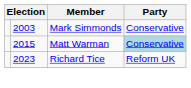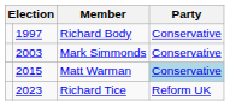 <table class="wikitable">
 <tr>
 <th colspan="2">Election</th>
 <th>Member</th>
 <th>Party</th>
+</tr>
+<tr>
+<td style="color:inherit;background-color: "></td>
+<td><a href='#'>1997</a></td>
+<td><a href='#'>Richard Body</a></td>
+<td><a href='#'>Conservative</a></td>
 </tr>
 <tr>
 <td style="color:inherit;background-color: "></td>
 <td><a href='#'>2003</a></td>
 <td><a href='#'>Mark Simmonds</a></td>
 <td><a href='#'>Conservative</a></td>
 </tr>
 <tr>
 <td style="color:inherit;background-color: "></td>
 <td><a href='#'>2015</a></td>
 <td><a href='#'>Matt Warman</a></td>
 <td style="background: lightblue;"><a href='#'>Conservative</a></td>
 </tr>
 <tr>
 <td style="color:inherit;background-color: "></td>
 <td><a href='#'>2023</a></td>
 <td><a href='#'>Richard Tice</a></td>
 <td><a href='#'>Reform UK</a></td>
 </tr>
 </table>
